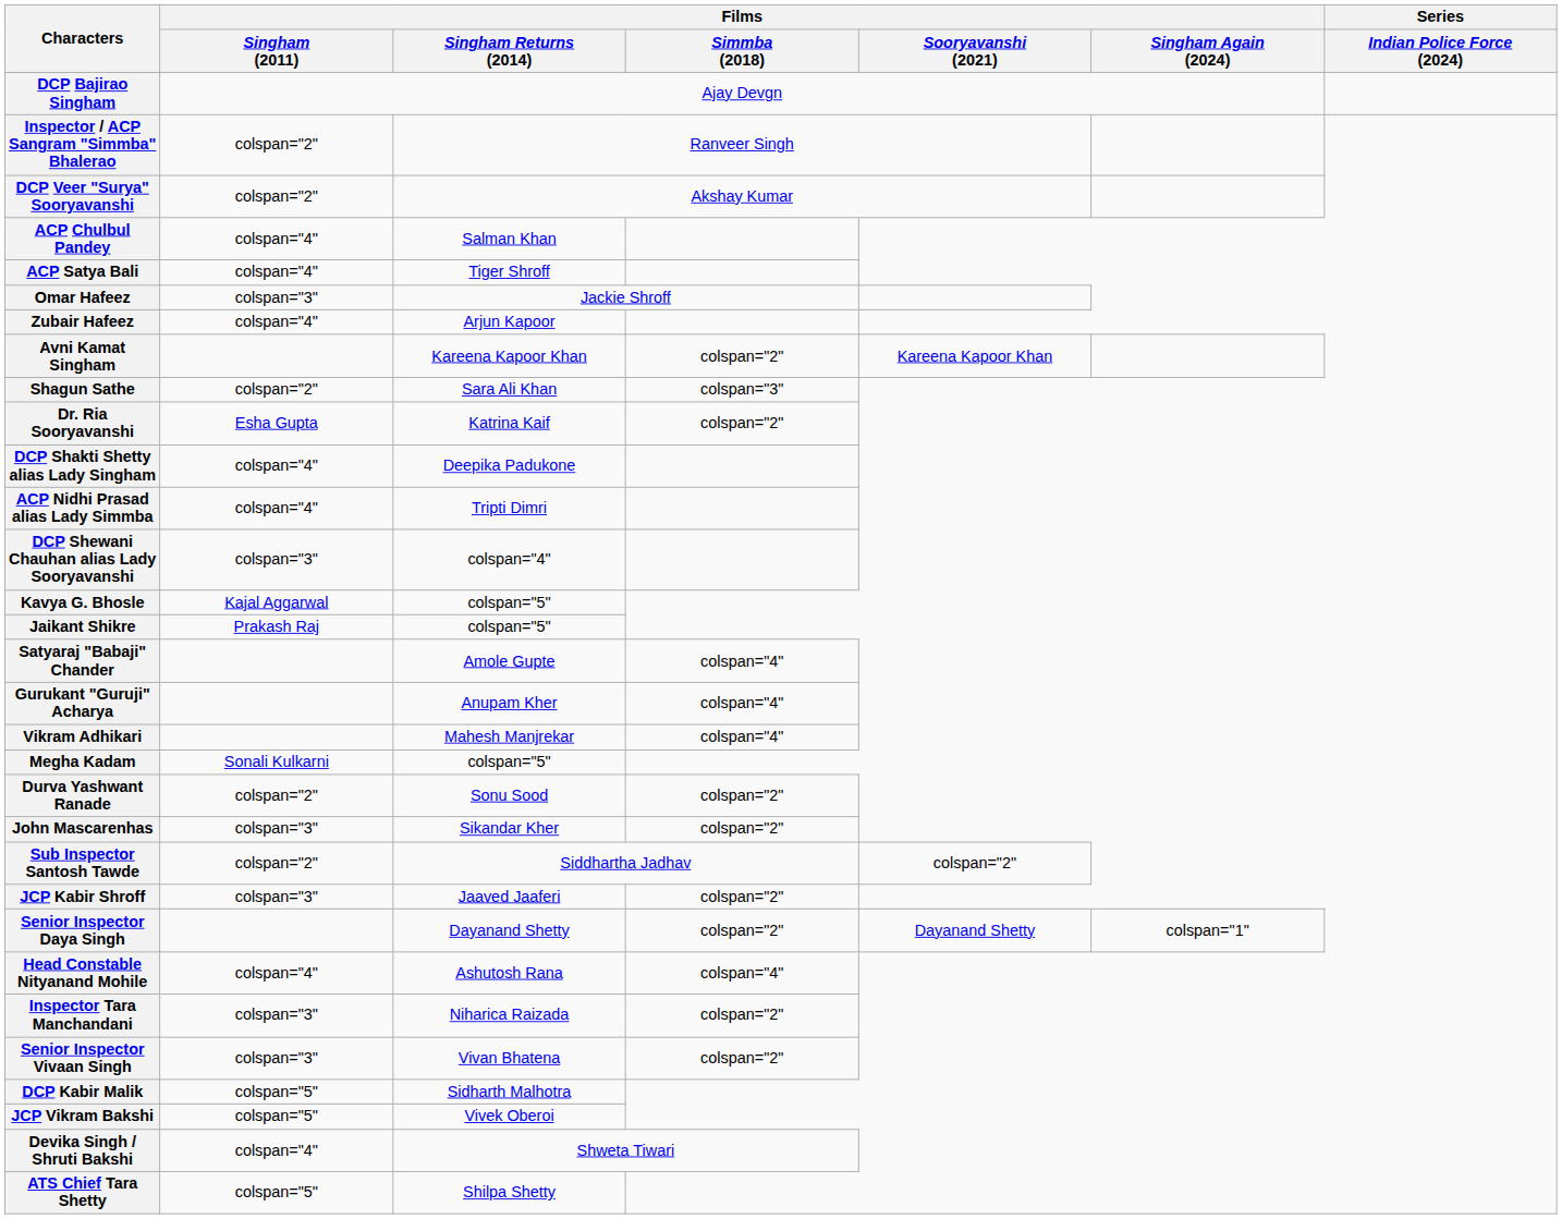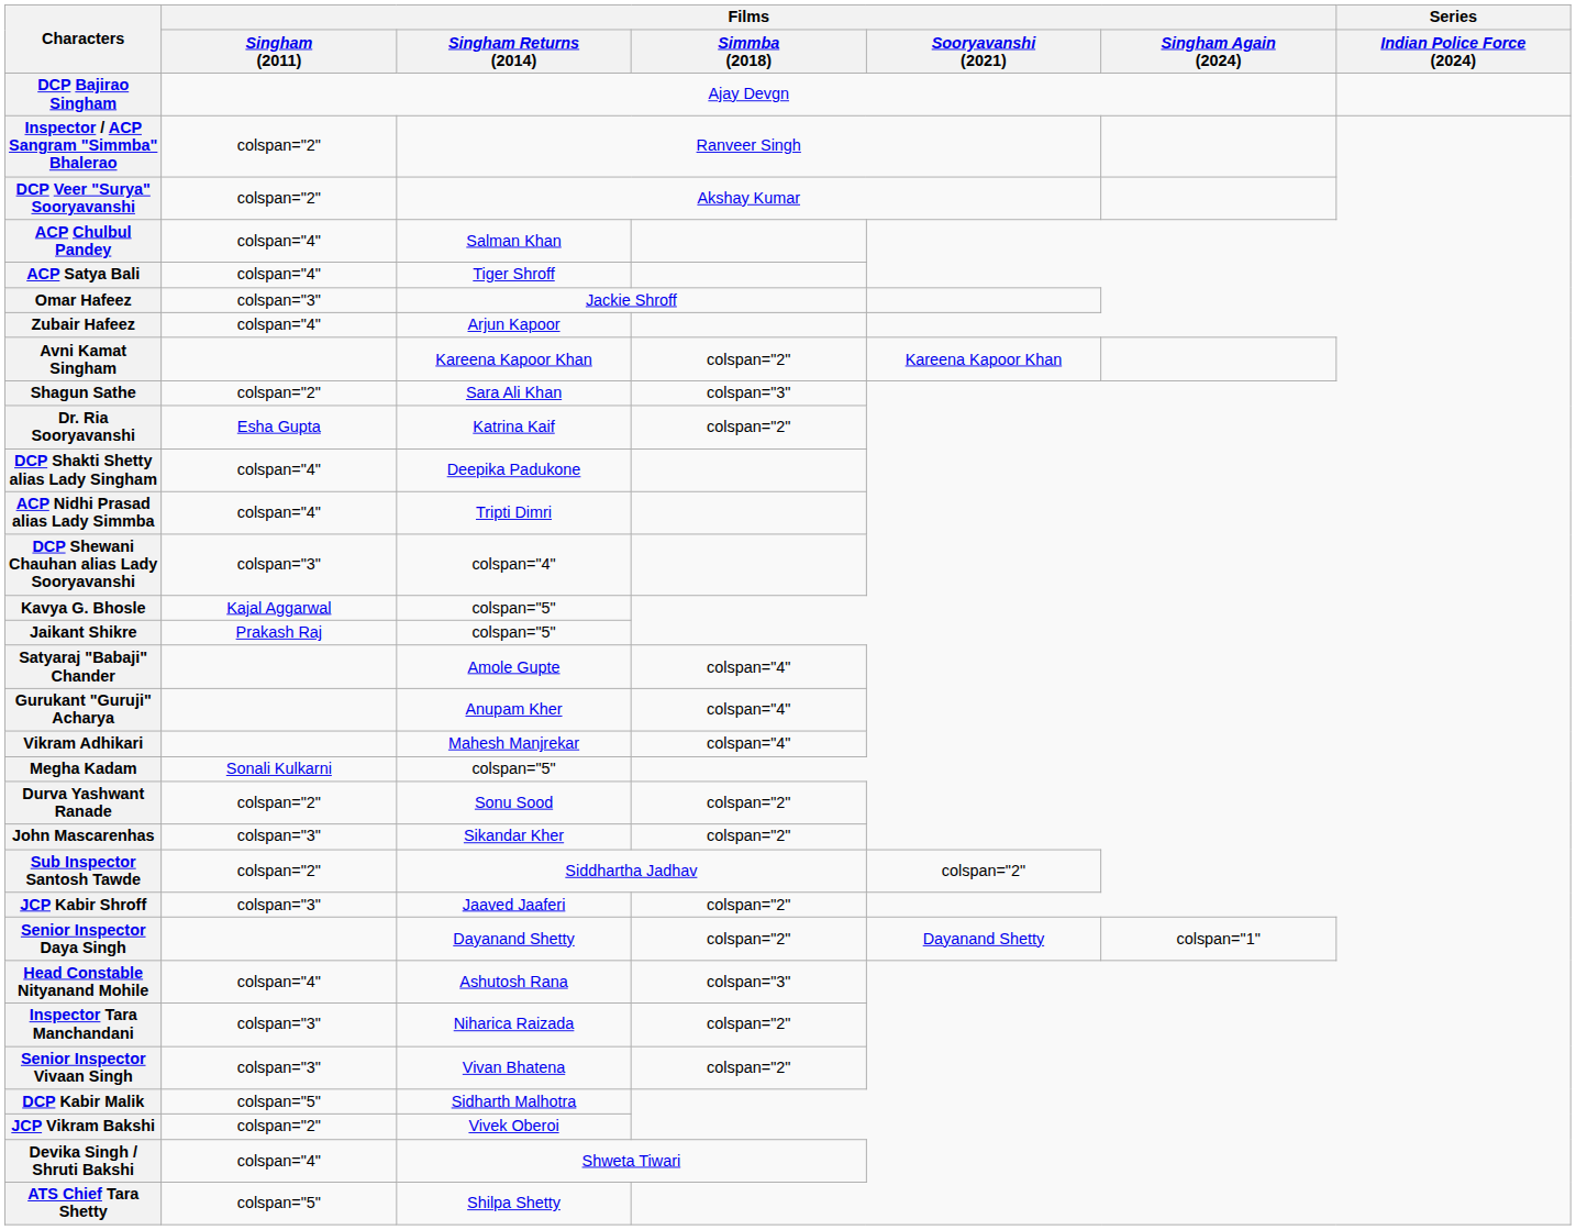 <table class="wikitable" style="text-align:center" width=100%>
 <tr>
 <th scope="col" rowspan="2">Characters</th>
 <th colspan="5" scope="col">Films</th>
 <th scope="col">Series</th>
 </tr>
 <tr>
 <th scope="col" style="width:15%"><em><a href='#'>Singham</a></em> <br>(2011)</th>
 <th scope="col" style="width:15%"><em><a href='#'>Singham Returns</a></em> <br>(2014)</th>
 <th scope="col" style="width:15%"><em><a href='#'>Simmba</a></em> <br>(2018)</th>
 <th scope="col" style="width:15%"><em><a href='#'>Sooryavanshi</a></em> <br>(2021)</th>
 <th scope="col" style="width:15%"><em><a href='#'>Singham Again</a></em> <br>(2024)</th>
 <th scope="col" style="width:15%"><em><a href='#'>Indian Police Force</a></em> <br>(2024)</th>
 </tr>
 <tr>
 <th scope="row"><a href='#'>DCP</a> <a href='#'>Bajirao Singham</a></th>
 <td colspan="5"><a href='#'>Ajay Devgn</a></td>
 <td></td>
 </tr>
 <tr>
 <th><a href='#'>Inspector</a> / <a href='#'>ACP</a> <a href='#'>Sangram "Simmba" Bhalerao</a></th>
 <td>colspan="2" </td>
 <td colspan="3"><a href='#'>Ranveer Singh</a></td>
 <td></td>
 </tr>
 <tr>
 <th><a href='#'>DCP</a> <a href='#'>Veer "Surya" Sooryavanshi</a></th>
 <td>colspan="2" </td>
 <td colspan="3"><a href='#'>Akshay Kumar</a></td>
 <td></td>
 </tr>
 <tr>
 <th><a href='#'>ACP</a> <a href='#'>Chulbul Pandey</a></th>
 <td>colspan="4" </td>
 <td><a href='#'>Salman Khan</a></td>
 <td></td>
 </tr>
 <tr>
 <th><a href='#'>ACP</a> Satya Bali</th>
 <td>colspan="4" </td>
 <td><a href='#'>Tiger Shroff</a></td>
 <td></td>
 </tr>
 <tr>
 <th>Omar Hafeez</th>
 <td>colspan="3" </td>
 <td colspan="2"><a href='#'>Jackie Shroff</a></td>
 <td></td>
 </tr>
 <tr>
 <th>Zubair Hafeez</th>
 <td>colspan="4" </td>
 <td><a href='#'>Arjun Kapoor</a></td>
 <td></td>
 </tr>
 <tr>
 <th>Avni Kamat Singham</th>
 <td></td>
 <td><a href='#'>Kareena Kapoor Khan</a></td>
 <td>colspan="2" </td>
 <td><a href='#'>Kareena Kapoor Khan</a></td>
 <td></td>
 </tr>
 <tr>
 <th>Shagun Sathe</th>
 <td>colspan="2" </td>
 <td><a href='#'>Sara Ali Khan</a></td>
 <td>colspan="3" </td>
 </tr>
 <tr>
 <th>Dr. Ria Sooryavanshi</th>
 <td><a href='#'>Esha Gupta</a></td>
 <td><a href='#'>Katrina Kaif</a></td>
 <td>colspan="2" </td>
 </tr>
 <tr>
 <th><a href='#'>DCP</a> Shakti Shetty alias Lady Singham</th>
 <td>colspan="4" </td>
 <td><a href='#'>Deepika Padukone</a></td>
 <td></td>
 </tr>
 <tr>
 <th><a href='#'>ACP</a> Nidhi Prasad alias Lady Simmba</th>
 <td>colspan="4" </td>
 <td><a href='#'>Tripti Dimri</a></td>
 <td></td>
 </tr>
 <tr>
 <th><a href='#'>DCP</a> Shewani Chauhan alias Lady Sooryavanshi</th>
 <td>colspan="3" </td>
 <td>colspan="4" </td>
 <td></td>
 </tr>
 <tr>
 <th>Kavya G. Bhosle</th>
 <td><a href='#'>Kajal Aggarwal</a></td>
 <td>colspan="5" </td>
 </tr>
 <tr>
 <th>Jaikant Shikre</th>
 <td><a href='#'>Prakash Raj</a></td>
 <td>colspan="5" </td>
 </tr>
 <tr>
 <th>Satyaraj "Babaji" Chander</th>
 <td></td>
 <td><a href='#'>Amole Gupte</a></td>
 <td>colspan="4" </td>
 </tr>
 <tr>
 <th>Gurukant "Guruji" Acharya</th>
 <td></td>
 <td><a href='#'>Anupam Kher</a></td>
 <td>colspan="4" </td>
 </tr>
 <tr>
 <th>Vikram Adhikari</th>
 <td></td>
 <td><a href='#'>Mahesh Manjrekar</a></td>
 <td>colspan="4" </td>
 </tr>
 <tr>
 <th>Megha Kadam</th>
 <td><a href='#'>Sonali Kulkarni</a></td>
 <td>colspan="5" </td>
 </tr>
 <tr>
 <th>Durva Yashwant Ranade</th>
 <td>colspan="2" </td>
 <td><a href='#'>Sonu Sood</a></td>
 <td>colspan="2" </td>
 </tr>
 <tr>
 <th>John Mascarenhas</th>
 <td>colspan="3" </td>
 <td><a href='#'>Sikandar Kher</a></td>
 <td>colspan="2" </td>
 </tr>
 <tr>
 <th><a href='#'>Sub Inspector</a> Santosh Tawde</th>
 <td>colspan="2" </td>
 <td colspan="2"><a href='#'>Siddhartha Jadhav</a></td>
 <td>colspan="2" </td>
 </tr>
 <tr>
 <th><a href='#'>JCP</a> Kabir Shroff</th>
 <td>colspan="3" </td>
 <td colspan="1"><a href='#'>Jaaved Jaaferi</a></td>
 <td>colspan="2" </td>
 </tr>
 <tr>
 <th><a href='#'>Senior Inspector</a> Daya Singh</th>
 <td></td>
 <td><a href='#'>Dayanand Shetty</a></td>
 <td>colspan="2" </td>
 <td><a href='#'>Dayanand Shetty</a></td>
 <td>colspan="1" </td>
 </tr>
 <tr>
 <th><a href='#'>Head Constable</a> Nityanand Mohile</th>
 <td>colspan="4" </td>
 <td><a href='#'>Ashutosh Rana</a></td>
-<td>colspan="4" </td>
+<td>colspan="3" </td>
 </tr>
 <tr>
 <th><a href='#'>Inspector</a> Tara Manchandani</th>
 <td>colspan="3" </td>
 <td><a href='#'>Niharica Raizada</a></td>
 <td>colspan="2" </td>
 </tr>
 <tr>
 <th><a href='#'>Senior Inspector</a> Vivaan Singh</th>
 <td>colspan="3" </td>
 <td><a href='#'>Vivan Bhatena</a></td>
 <td>colspan="2" </td>
 </tr>
 <tr>
 <th><a href='#'>DCP</a> Kabir Malik</th>
 <td>colspan="5" </td>
 <td><a href='#'>Sidharth Malhotra</a></td>
 </tr>
 <tr>
 <th><a href='#'>JCP</a> Vikram Bakshi</th>
-<td>colspan="5" </td>
+<td>colspan="2" </td>
 <td><a href='#'>Vivek Oberoi</a></td>
 </tr>
 <tr>
 <th>Devika Singh / Shruti Bakshi</th>
 <td>colspan="4" </td>
 <td colspan="2"><a href='#'>Shweta Tiwari</a></td>
 </tr>
 <tr>
 <th><a href='#'>ATS Chief</a> Tara Shetty</th>
 <td>colspan="5" </td>
 <td><a href='#'>Shilpa Shetty</a></td>
 </tr>
 </table>
